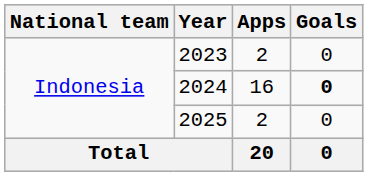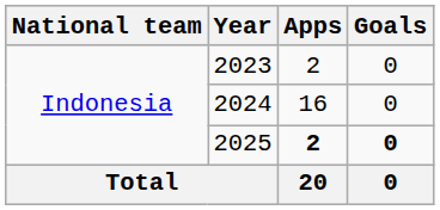 <table class="wikitable" style="text-align:center">
 <tr>
 <th>National team</th>
 <th>Year</th>
 <th>Apps</th>
 <th>Goals</th>
 </tr>
 <tr>
 <td rowspan="3"><a href='#'>Indonesia</a></td>
 <td>2023</td>
 <td>2</td>
 <td>0</td>
 </tr>
 <tr>
 <td>2024</td>
 <td>16</td>
-<td><strong>0</strong></td>
+<td>0</td>
 </tr>
 <tr>
 <td>2025</td>
-<td>2</td>
-<td>0</td>
+<td><strong>2</strong></td>
+<td><strong>0</strong></td>
 </tr>
 <tr>
 <th colspan="2">Total</th>
 <th>20</th>
 <th>0</th>
 </tr>
 </table>
